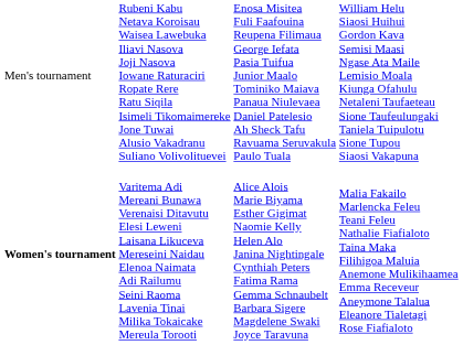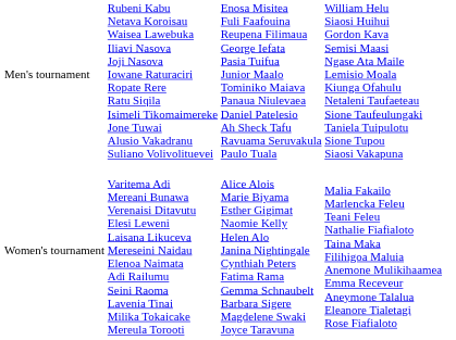 <table>
 <tr>
 <td>Men's tournament<br></td>
 <td><br><a href='#'>Rubeni Kabu</a><br><a href='#'>Netava Koroisau</a><br><a href='#'>Waisea Lawebuka</a><br><a href='#'>Iliavi Nasova</a><br><a href='#'>Joji Nasova</a><br><a href='#'>Iowane Raturaciri</a><br><a href='#'>Ropate Rere</a><br><a href='#'>Ratu Siqila</a><br><a href='#'>Isimeli Tikomaimereke</a><br><a href='#'>Jone Tuwai</a><br><a href='#'>Alusio Vakadranu</a><br><a href='#'>Suliano Volivolituevei</a></td>
 <td><br><a href='#'>Enosa Misitea</a><br><a href='#'>Fuli Faafouina</a><br><a href='#'>Reupena Filimaua</a><br><a href='#'>George Iefata</a><br><a href='#'>Pasia Tuifua</a><br><a href='#'>Junior Maalo</a><br><a href='#'>Tominiko Maiava</a><br><a href='#'>Panaua Niulevaea</a><br><a href='#'>Daniel Patelesio</a><br><a href='#'>Ah Sheck Tafu</a><br><a href='#'>Ravuama Seruvakula</a><br><a href='#'>Paulo Tuala</a></td>
 <td><br><a href='#'>William Helu</a><br><a href='#'>Siaosi Huihui</a><br><a href='#'>Gordon Kava</a><br><a href='#'>Semisi Maasi</a><br><a href='#'>Ngase Ata Maile</a><br><a href='#'>Lemisio Moala</a><br><a href='#'>Kiunga Ofahulu</a><br><a href='#'>Netaleni Taufaeteau</a><br><a href='#'>Sione Taufeulungaki</a><br><a href='#'>Taniela Tuipulotu</a><br><a href='#'>Sione Tupou</a><br><a href='#'>Siaosi Vakapuna</a></td>
 </tr>
 <tr>
-<td><strong>Women's tournament<br></strong></td>
+<td>Women's tournament<br></td>
 <td><br><a href='#'>Varitema Adi</a><br><a href='#'>Mereani Bunawa</a><br><a href='#'>Verenaisi Ditavutu</a><br><a href='#'>Elesi Leweni</a><br><a href='#'>Laisana Likuceva</a><br><a href='#'>Mereseini Naidau</a><br><a href='#'>Elenoa Naimata</a><br><a href='#'>Adi Railumu</a><br><a href='#'>Seini Raoma</a><br><a href='#'>Lavenia Tinai</a><br><a href='#'>Milika Tokaicake</a><br><a href='#'>Mereula Torooti</a></td>
 <td><br><a href='#'>Alice Alois</a><br><a href='#'>Marie Biyama</a><br><a href='#'>Esther Gigimat</a><br><a href='#'>Naomie Kelly</a><br><a href='#'>Helen Alo</a><br><a href='#'>Janina Nightingale</a><br><a href='#'>Cynthiah Peters</a><br><a href='#'>Fatima Rama</a><br><a href='#'>Gemma Schnaubelt</a><br><a href='#'>Barbara Sigere</a><br><a href='#'>Magdelene Swaki</a><br><a href='#'>Joyce Taravuna</a></td>
 <td><br><a href='#'>Malia Fakailo</a><br><a href='#'>Marlencka Feleu</a><br><a href='#'>Teani Feleu</a><br><a href='#'>Nathalie Fiafialoto</a><br><a href='#'>Taina Maka</a><br><a href='#'>Filihigoa Maluia</a><br><a href='#'>Anemone Mulikihaamea</a><br><a href='#'>Emma Receveur</a><br><a href='#'>Aneymone Talalua</a><br><a href='#'>Eleanore Tialetagi</a><br><a href='#'>Rose Fiafialoto</a></td>
 </tr>
 </table>
